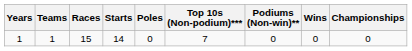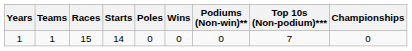 <table class="wikitable" style="text-align:center; font-size:95%">
 <tr>
 <th>Years</th>
 <th>Teams</th>
 <th>Races</th>
 <th>Starts</th>
 <th>Poles</th>
+<th>Wins</th>
+<th>Podiums<br>(Non-win)**</th>
 <th>Top 10s<br>(Non-podium)***</th>
-<th>Podiums<br>(Non-win)**</th>
-<th>Wins</th>
 <th>Championships</th>
 </tr>
 <tr>
 <td>1</td>
 <td>1</td>
 <td>15</td>
 <td>14</td>
 <td>0</td>
-<td>7</td>
 <td>0</td>
 <td>0</td>
+<td>7</td>
 <td>0</td>
 </tr>
 </table>
